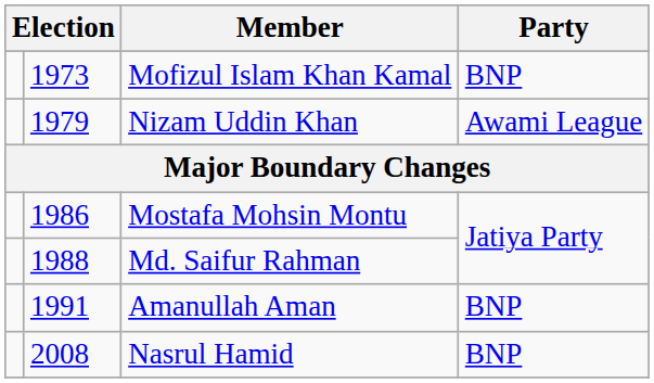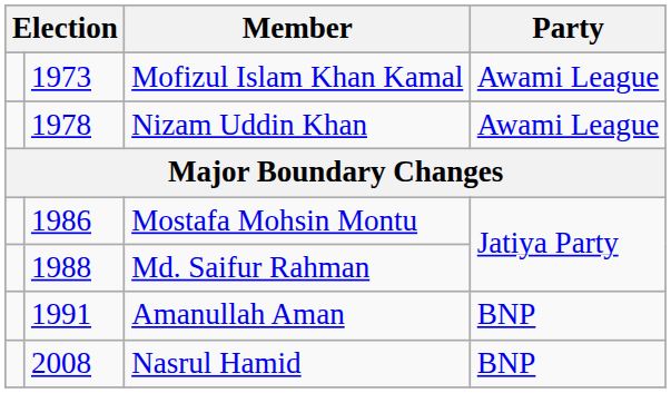 <table class="wikitable">
 <tr>
 <th colspan="2">Election</th>
 <th>Member</th>
 <th>Party</th>
 </tr>
 <tr>
 <td style="background-color:"></td>
 <td><a href='#'>1973</a></td>
 <td><a href='#'>Mofizul Islam Khan Kamal</a></td>
-<td><a href='#'>BNP</a></td>
+<td><a href='#'>Awami League</a></td>
 </tr>
 <tr>
 <td style="background-color:"></td>
-<td><a href='#'>1979</a></td>
+<td><a href='#'>1978</a></td>
 <td><a href='#'>Nizam Uddin Khan</a></td>
 <td><a href='#'>Awami League</a></td>
 </tr>
 <tr>
 <th colspan="4">Major Boundary Changes</th>
 </tr>
 <tr>
 <td style="background-color:"></td>
 <td><a href='#'>1986</a></td>
 <td><a href='#'>Mostafa Mohsin Montu</a></td>
 <td rowspan="2"><a href='#'>Jatiya Party</a></td>
 </tr>
 <tr>
 <td style="background-color:"></td>
 <td><a href='#'>1988</a></td>
 <td><a href='#'>Md. Saifur Rahman</a></td>
 </tr>
 <tr>
 <td style="background-color:"></td>
 <td><a href='#'>1991</a></td>
 <td><a href='#'>Amanullah Aman</a></td>
 <td><a href='#'>BNP</a></td>
 </tr>
 <tr>
 <td style="background-color:"></td>
 <td><a href='#'>2008</a></td>
 <td><a href='#'>Nasrul Hamid</a></td>
 <td><a href='#'>BNP</a></td>
 </tr>
 </table>
